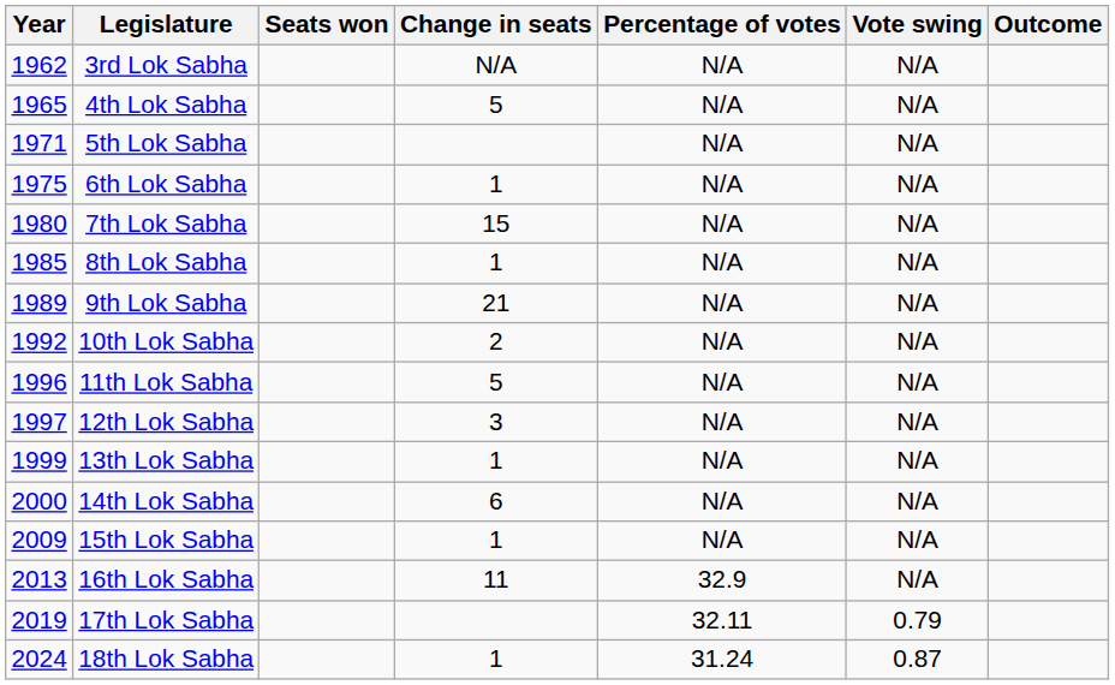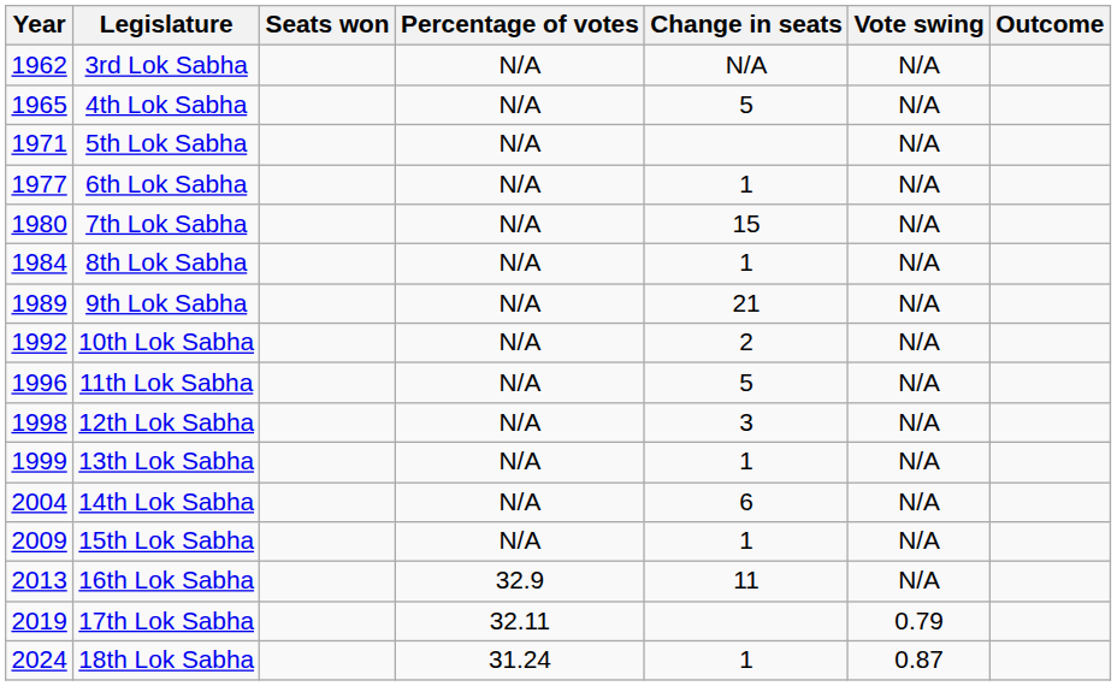 <table class="wikitable" style="text-align:center">
 <tr>
 <th Style="background-color:">Year</th>
 <th Style="background-color:">Legislature</th>
 <th Style="background-color:">Seats won</th>
+<th Style="background-color:">Percentage of votes</th>
 <th Style="background-color:">Change in seats</th>
-<th Style="background-color:">Percentage of votes</th>
 <th Style="background-color:">Vote swing</th>
 <th Style="background-color:">Outcome</th>
 </tr>
 <tr>
 <td><a href='#'>1962</a></td>
 <td><a href='#'>3rd Lok Sabha</a></td>
 <td></td>
 <td>N/A</td>
 <td>N/A</td>
 <td>N/A</td>
 <td></td>
 </tr>
 <tr>
 <td><a href='#'>1965</a></td>
 <td><a href='#'>4th Lok Sabha</a></td>
 <td></td>
+<td>N/A</td>
 <td> 5</td>
-<td>N/A</td>
 <td>N/A</td>
 <td></td>
 </tr>
 <tr>
 <td><a href='#'>1971</a></td>
 <td><a href='#'>5th Lok Sabha</a></td>
 <td></td>
+<td>N/A</td>
 <td></td>
-<td>N/A</td>
 <td>N/A</td>
 <td></td>
 </tr>
 <tr>
-<td><a href='#'>1975</a></td>
+<td><a href='#'>1977</a></td>
 <td><a href='#'>6th Lok Sabha</a></td>
 <td></td>
+<td>N/A</td>
 <td> 1</td>
-<td>N/A</td>
 <td>N/A</td>
 <td></td>
 </tr>
 <tr>
 <td><a href='#'>1980</a></td>
 <td><a href='#'>7th Lok Sabha</a></td>
 <td></td>
+<td>N/A</td>
 <td> 15</td>
-<td>N/A</td>
 <td>N/A</td>
 <td></td>
 </tr>
 <tr>
-<td><a href='#'>1985</a></td>
+<td><a href='#'>1984</a></td>
 <td><a href='#'>8th Lok Sabha</a></td>
 <td></td>
+<td>N/A</td>
 <td> 1</td>
-<td>N/A</td>
 <td>N/A</td>
 <td></td>
 </tr>
 <tr>
 <td><a href='#'>1989</a></td>
 <td><a href='#'>9th Lok Sabha</a></td>
 <td></td>
+<td>N/A</td>
 <td> 21</td>
-<td>N/A</td>
 <td>N/A</td>
 <td></td>
 </tr>
 <tr>
 <td><a href='#'>1992</a></td>
 <td><a href='#'>10th Lok Sabha</a></td>
 <td></td>
+<td>N/A</td>
 <td> 2</td>
-<td>N/A</td>
 <td>N/A</td>
 <td></td>
 </tr>
 <tr>
 <td><a href='#'>1996</a></td>
 <td><a href='#'>11th Lok Sabha</a></td>
 <td></td>
+<td>N/A</td>
 <td> 5</td>
-<td>N/A</td>
 <td>N/A</td>
 <td></td>
 </tr>
 <tr>
-<td><a href='#'>1997</a></td>
+<td><a href='#'>1998</a></td>
 <td><a href='#'>12th Lok Sabha</a></td>
 <td></td>
+<td>N/A</td>
 <td> 3</td>
-<td>N/A</td>
 <td>N/A</td>
 <td></td>
 </tr>
 <tr>
 <td><a href='#'>1999</a></td>
 <td><a href='#'>13th Lok Sabha</a></td>
 <td></td>
+<td>N/A</td>
 <td> 1</td>
-<td>N/A</td>
 <td>N/A</td>
 <td></td>
 </tr>
 <tr>
-<td><a href='#'>2000</a></td>
+<td><a href='#'>2004</a></td>
 <td><a href='#'>14th Lok Sabha</a></td>
 <td></td>
+<td>N/A</td>
 <td> 6</td>
-<td>N/A</td>
 <td>N/A</td>
 <td></td>
 </tr>
 <tr>
 <td><a href='#'>2009</a></td>
 <td><a href='#'>15th Lok Sabha</a></td>
 <td></td>
+<td>N/A</td>
 <td> 1</td>
-<td>N/A</td>
 <td>N/A</td>
 <td></td>
 </tr>
 <tr>
 <td><a href='#'>2013</a></td>
 <td><a href='#'>16th Lok Sabha</a></td>
 <td></td>
+<td>32.9</td>
 <td> 11</td>
-<td>32.9</td>
 <td>N/A</td>
 <td></td>
 </tr>
 <tr>
 <td><a href='#'>2019</a></td>
 <td><a href='#'>17th Lok Sabha</a></td>
 <td></td>
+<td>32.11</td>
 <td></td>
-<td>32.11</td>
 <td> 0.79</td>
 <td></td>
 </tr>
 <tr>
 <td><a href='#'>2024</a></td>
 <td><a href='#'>18th Lok Sabha</a></td>
 <td></td>
+<td>31.24</td>
 <td> 1</td>
-<td>31.24</td>
 <td> 0.87</td>
 <td></td>
 </tr>
 </table>
